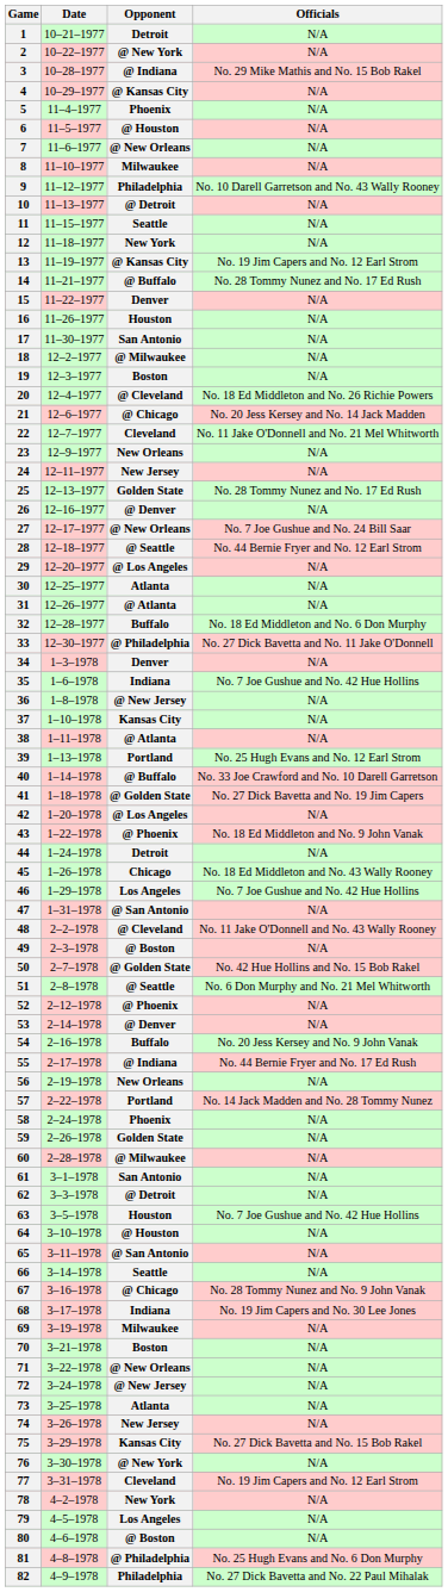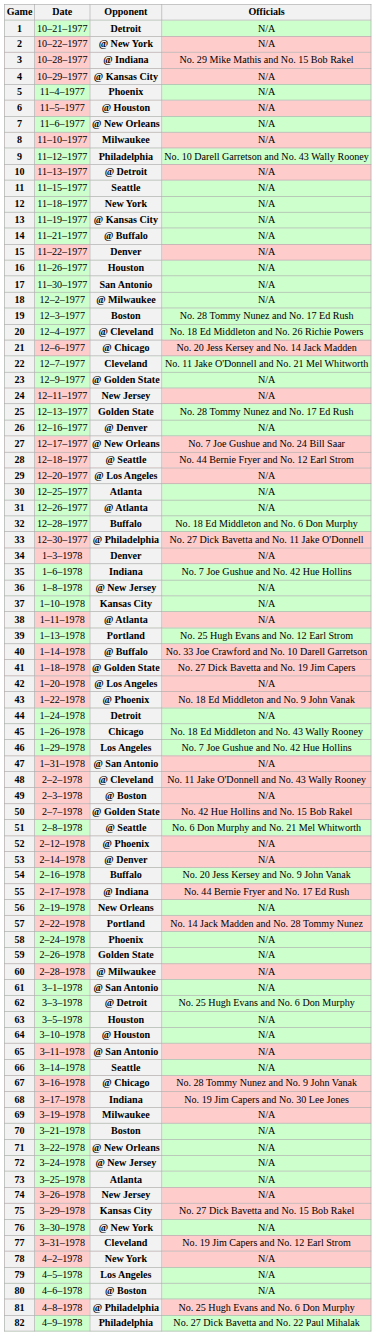 <table class="wikitable">
 <tr>
 <th>Game</th>
 <th>Date</th>
 <th>Opponent</th>
 <th>Officials</th>
 </tr>
 <tr align="center" bgcolor="#ccffcc">
 <th>1</th>
 <td>10–21–1977</td>
 <th>Detroit</th>
 <td>N/A</td>
 </tr>
 <tr align="center" bgcolor="#ffcccc">
 <th>2</th>
 <td>10–22–1977</td>
 <th>@ New York</th>
 <td>N/A</td>
 </tr>
 <tr align="center" bgcolor="#ffcccc">
 <th>3</th>
 <td>10–28–1977</td>
 <th>@ Indiana</th>
 <td>No. 29 Mike Mathis and No. 15 Bob Rakel</td>
 </tr>
 <tr align="center" bgcolor="#ffcccc">
 <th>4</th>
 <td>10–29–1977</td>
 <th>@ Kansas City</th>
 <td>N/A</td>
 </tr>
 <tr align="center" bgcolor="#ccffcc">
 <th>5</th>
 <td>11–4–1977</td>
 <th>Phoenix</th>
 <td>N/A</td>
 </tr>
 <tr align="center" bgcolor="#ffcccc">
 <th>6</th>
 <td>11–5–1977</td>
 <th>@ Houston</th>
 <td>N/A</td>
 </tr>
 <tr align="center" bgcolor="#ccffcc">
 <th>7</th>
 <td>11–6–1977</td>
 <th>@ New Orleans</th>
 <td>N/A</td>
 </tr>
 <tr align="center" bgcolor="#ffcccc">
 <th>8</th>
 <td>11–10–1977</td>
 <th>Milwaukee</th>
 <td>N/A</td>
 </tr>
 <tr align="center" bgcolor="#ccffcc">
 <th>9</th>
 <td>11–12–1977</td>
 <th>Philadelphia</th>
 <td>No. 10 Darell Garretson and No. 43 Wally Rooney</td>
 </tr>
 <tr align="center" bgcolor="#ffcccc">
 <th>10</th>
 <td>11–13–1977</td>
 <th>@ Detroit</th>
 <td>N/A</td>
 </tr>
 <tr align="center" bgcolor="#ccffcc">
 <th>11</th>
 <td>11–15–1977</td>
 <th>Seattle</th>
 <td>N/A</td>
 </tr>
 <tr align="center" bgcolor="#ccffcc">
 <th>12</th>
 <td>11–18–1977</td>
 <th>New York</th>
 <td>N/A</td>
 </tr>
 <tr align="center" bgcolor="#ccffcc">
 <th>13</th>
 <td>11–19–1977</td>
 <th>@ Kansas City</th>
-<td>No. 19 Jim Capers and No. 12 Earl Strom</td>
+<td>N/A</td>
 </tr>
 <tr align="center" bgcolor="#ccffcc">
 <th>14</th>
 <td>11–21–1977</td>
 <th>@ Buffalo</th>
-<td>No. 28 Tommy Nunez and No. 17 Ed Rush</td>
+<td>N/A</td>
 </tr>
 <tr align="center" bgcolor="#ffcccc">
 <th>15</th>
 <td>11–22–1977</td>
 <th>Denver</th>
 <td>N/A</td>
 </tr>
 <tr align="center" bgcolor="#ccffcc">
 <th>16</th>
 <td>11–26–1977</td>
 <th>Houston</th>
 <td>N/A</td>
 </tr>
 <tr align="center" bgcolor="#ccffcc">
 <th>17</th>
 <td>11–30–1977</td>
 <th>San Antonio</th>
 <td>N/A</td>
 </tr>
 <tr align="center" bgcolor="#ccffcc">
 <th>18</th>
 <td>12–2–1977</td>
 <th>@ Milwaukee</th>
 <td>N/A</td>
 </tr>
 <tr align="center" bgcolor="#ccffcc">
 <th>19</th>
 <td>12–3–1977</td>
 <th>Boston</th>
-<td>N/A</td>
+<td>No. 28 Tommy Nunez and No. 17 Ed Rush</td>
 </tr>
 <tr align="center" bgcolor="#ccffcc">
 <th>20</th>
 <td>12–4–1977</td>
 <th>@ Cleveland</th>
 <td>No. 18 Ed Middleton and No. 26 Richie Powers</td>
 </tr>
 <tr align="center" bgcolor="#ffcccc">
 <th>21</th>
 <td>12–6–1977</td>
 <th>@ Chicago</th>
 <td>No. 20 Jess Kersey and No. 14 Jack Madden</td>
 </tr>
 <tr align="center" bgcolor="#ccffcc">
 <th>22</th>
 <td>12–7–1977</td>
 <th>Cleveland</th>
 <td>No. 11 Jake O'Donnell and No. 21 Mel Whitworth</td>
 </tr>
 <tr align="center" bgcolor="#ccffcc">
 <th>23</th>
 <td>12–9–1977</td>
-<th>New Orleans</th>
+<th>@ Golden State</th>
 <td>N/A</td>
 </tr>
 <tr align="center" bgcolor="#ffcccc">
 <th>24</th>
 <td>12–11–1977</td>
 <th>New Jersey</th>
 <td>N/A</td>
 </tr>
 <tr align="center" bgcolor="#ccffcc">
 <th>25</th>
 <td>12–13–1977</td>
 <th>Golden State</th>
 <td>No. 28 Tommy Nunez and No. 17 Ed Rush</td>
 </tr>
 <tr align="center" bgcolor="#ccffcc">
 <th>26</th>
 <td>12–16–1977</td>
 <th>@ Denver</th>
 <td>N/A</td>
 </tr>
 <tr align="center" bgcolor="#ffcccc">
 <th>27</th>
 <td>12–17–1977</td>
 <th>@ New Orleans</th>
 <td>No. 7 Joe Gushue and No. 24 Bill Saar</td>
 </tr>
 <tr align="center" bgcolor="#ffcccc">
 <th>28</th>
 <td>12–18–1977</td>
 <th>@ Seattle</th>
 <td>No. 44 Bernie Fryer and No. 12 Earl Strom</td>
 </tr>
 <tr align="center" bgcolor="#ffcccc">
 <th>29</th>
 <td>12–20–1977</td>
 <th>@ Los Angeles</th>
 <td>N/A</td>
 </tr>
 <tr align="center" bgcolor="#ccffcc">
 <th>30</th>
 <td>12–25–1977</td>
 <th>Atlanta</th>
 <td>N/A</td>
 </tr>
 <tr align="center" bgcolor="#ccffcc">
 <th>31</th>
 <td>12–26–1977</td>
 <th>@ Atlanta</th>
 <td>N/A</td>
 </tr>
 <tr align="center" bgcolor="#ccffcc">
 <th>32</th>
 <td>12–28–1977</td>
 <th>Buffalo</th>
 <td>No. 18 Ed Middleton and No. 6 Don Murphy</td>
 </tr>
 <tr align="center" bgcolor="#ffcccc">
 <th>33</th>
 <td>12–30–1977</td>
 <th>@ Philadelphia</th>
 <td>No. 27 Dick Bavetta and No. 11 Jake O'Donnell</td>
 </tr>
 <tr align="center" bgcolor="#ffcccc">
 <th>34</th>
 <td>1–3–1978</td>
 <th>Denver</th>
 <td>N/A</td>
 </tr>
 <tr align="center" bgcolor="#ccffcc">
 <th>35</th>
 <td>1–6–1978</td>
 <th>Indiana</th>
 <td>No. 7 Joe Gushue and No. 42 Hue Hollins</td>
 </tr>
 <tr align="center" bgcolor="#ccffcc">
 <th>36</th>
 <td>1–8–1978</td>
 <th>@ New Jersey</th>
 <td>N/A</td>
 </tr>
 <tr align="center" bgcolor="#ccffcc">
 <th>37</th>
 <td>1–10–1978</td>
 <th>Kansas City</th>
 <td>N/A</td>
 </tr>
 <tr align="center" bgcolor="#ffcccc">
 <th>38</th>
 <td>1–11–1978</td>
 <th>@ Atlanta</th>
 <td>N/A</td>
 </tr>
 <tr align="center" bgcolor="#ccffcc">
 <th>39</th>
 <td>1–13–1978</td>
 <th>Portland</th>
 <td>No. 25 Hugh Evans and No. 12 Earl Strom</td>
 </tr>
 <tr align="center" bgcolor="#ffcccc">
 <th>40</th>
 <td>1–14–1978</td>
 <th>@ Buffalo</th>
 <td>No. 33 Joe Crawford and No. 10 Darell Garretson</td>
 </tr>
 <tr align="center" bgcolor="#ffcccc">
 <th>41</th>
 <td>1–18–1978</td>
 <th>@ Golden State</th>
 <td>No. 27 Dick Bavetta and No. 19 Jim Capers</td>
 </tr>
 <tr align="center" bgcolor="#ffcccc">
 <th>42</th>
 <td>1–20–1978</td>
 <th>@ Los Angeles</th>
 <td>N/A</td>
 </tr>
 <tr align="center" bgcolor="#ffcccc">
 <th>43</th>
 <td>1–22–1978</td>
 <th>@ Phoenix</th>
 <td>No. 18 Ed Middleton and No. 9 John Vanak</td>
 </tr>
 <tr align="center" bgcolor="#ccffcc">
 <th>44</th>
 <td>1–24–1978</td>
 <th>Detroit</th>
 <td>N/A</td>
 </tr>
 <tr align="center" bgcolor="#ccffcc">
 <th>45</th>
 <td>1–26–1978</td>
 <th>Chicago</th>
 <td>No. 18 Ed Middleton and No. 43 Wally Rooney</td>
 </tr>
 <tr align="center" bgcolor="#ccffcc">
 <th>46</th>
 <td>1–29–1978</td>
 <th>Los Angeles</th>
 <td>No. 7 Joe Gushue and No. 42 Hue Hollins</td>
 </tr>
 <tr align="center" bgcolor="#ffcccc">
 <th>47</th>
 <td>1–31–1978</td>
 <th>@ San Antonio</th>
 <td>N/A</td>
 </tr>
 <tr align="center" bgcolor="#ffcccc">
 <th>48</th>
 <td>2–2–1978</td>
 <th>@ Cleveland</th>
 <td>No. 11 Jake O'Donnell and No. 43 Wally Rooney</td>
 </tr>
 <tr align="center" bgcolor="#ffcccc">
 <th>49</th>
 <td>2–3–1978</td>
 <th>@ Boston</th>
 <td>N/A</td>
 </tr>
 <tr align="center" bgcolor="#ffcccc">
 <th>50</th>
 <td>2–7–1978</td>
 <th>@ Golden State</th>
 <td>No. 42 Hue Hollins and No. 15 Bob Rakel</td>
 </tr>
 <tr align="center" bgcolor="#ccffcc">
 <th>51</th>
 <td>2–8–1978</td>
 <th>@ Seattle</th>
 <td>No. 6 Don Murphy and No. 21 Mel Whitworth</td>
 </tr>
 <tr align="center" bgcolor="#ffcccc">
 <th>52</th>
 <td>2–12–1978</td>
 <th>@ Phoenix</th>
 <td>N/A</td>
 </tr>
 <tr align="center" bgcolor="#ffcccc">
 <th>53</th>
 <td>2–14–1978</td>
 <th>@ Denver</th>
 <td>N/A</td>
 </tr>
 <tr align="center" bgcolor="#ccffcc">
 <th>54</th>
 <td>2–16–1978</td>
 <th>Buffalo</th>
 <td>No. 20 Jess Kersey and No. 9 John Vanak</td>
 </tr>
 <tr align="center" bgcolor="#ffcccc">
 <th>55</th>
 <td>2–17–1978</td>
 <th>@ Indiana</th>
 <td>No. 44 Bernie Fryer and No. 17 Ed Rush</td>
 </tr>
 <tr align="center" bgcolor="#ccffcc">
 <th>56</th>
 <td>2–19–1978</td>
 <th>New Orleans</th>
 <td>N/A</td>
 </tr>
 <tr align="center" bgcolor="#ffcccc">
 <th>57</th>
 <td>2–22–1978</td>
 <th>Portland</th>
 <td>No. 14 Jack Madden and No. 28 Tommy Nunez</td>
 </tr>
 <tr align="center" bgcolor="#ccffcc">
 <th>58</th>
 <td>2–24–1978</td>
 <th>Phoenix</th>
 <td>N/A</td>
 </tr>
 <tr align="center" bgcolor="#ccffcc">
 <th>59</th>
 <td>2–26–1978</td>
 <th>Golden State</th>
 <td>N/A</td>
 </tr>
 <tr align="center" bgcolor="#ffcccc">
 <th>60</th>
 <td>2–28–1978</td>
 <th>@ Milwaukee</th>
 <td>N/A</td>
 </tr>
 <tr align="center" bgcolor="#ccffcc">
 <th>61</th>
 <td>3–1–1978</td>
-<th>San Antonio</th>
+<th>@ San Antonio</th>
 <td>N/A</td>
 </tr>
 <tr align="center" bgcolor="#ccffcc">
 <th>62</th>
 <td>3–3–1978</td>
 <th>@ Detroit</th>
-<td>N/A</td>
+<td>No. 25 Hugh Evans and No. 6 Don Murphy</td>
 </tr>
 <tr align="center" bgcolor="#ccffcc">
 <th>63</th>
 <td>3–5–1978</td>
 <th>Houston</th>
-<td>No. 7 Joe Gushue and No. 42 Hue Hollins</td>
+<td>N/A</td>
 </tr>
 <tr align="center" bgcolor="#ccffcc">
 <th>64</th>
 <td>3–10–1978</td>
 <th>@ Houston</th>
 <td>N/A</td>
 </tr>
 <tr align="center" bgcolor="#ffcccc">
 <th>65</th>
 <td>3–11–1978</td>
 <th>@ San Antonio</th>
 <td>N/A</td>
 </tr>
 <tr align="center" bgcolor="#ccffcc">
 <th>66</th>
 <td>3–14–1978</td>
 <th>Seattle</th>
 <td>N/A</td>
 </tr>
 <tr align="center" bgcolor="#ffcccc">
 <th>67</th>
 <td>3–16–1978</td>
 <th>@ Chicago</th>
 <td>No. 28 Tommy Nunez and No. 9 John Vanak</td>
 </tr>
 <tr align="center" bgcolor="#ffcccc">
 <th>68</th>
 <td>3–17–1978</td>
 <th>Indiana</th>
 <td>No. 19 Jim Capers and No. 30 Lee Jones</td>
 </tr>
 <tr align="center" bgcolor="#ffcccc">
 <th>69</th>
 <td>3–19–1978</td>
 <th>Milwaukee</th>
 <td>N/A</td>
 </tr>
 <tr align="center" bgcolor="#ccffcc">
 <th>70</th>
 <td>3–21–1978</td>
 <th>Boston</th>
 <td>N/A</td>
 </tr>
 <tr align="center" bgcolor="#ccffcc">
 <th>71</th>
 <td>3–22–1978</td>
 <th>@ New Orleans</th>
 <td>N/A</td>
 </tr>
 <tr align="center" bgcolor="#ccffcc">
 <th>72</th>
 <td>3–24–1978</td>
 <th>@ New Jersey</th>
 <td>N/A</td>
 </tr>
 <tr align="center" bgcolor="#ccffcc">
 <th>73</th>
 <td>3–25–1978</td>
 <th>Atlanta</th>
 <td>N/A</td>
 </tr>
 <tr align="center" bgcolor="#ffcccc">
 <th>74</th>
 <td>3–26–1978</td>
 <th>New Jersey</th>
 <td>N/A</td>
 </tr>
 <tr align="center" bgcolor="#ffcccc">
 <th>75</th>
 <td>3–29–1978</td>
 <th>Kansas City</th>
 <td>No. 27 Dick Bavetta and No. 15 Bob Rakel</td>
 </tr>
 <tr align="center" bgcolor="#ccffcc">
 <th>76</th>
 <td>3–30–1978</td>
 <th>@ New York</th>
 <td>N/A</td>
 </tr>
 <tr align="center" bgcolor="#ffcccc">
 <th>77</th>
 <td>3–31–1978</td>
 <th>Cleveland</th>
 <td>No. 19 Jim Capers and No. 12 Earl Strom</td>
 </tr>
 <tr align="center" bgcolor="#ffcccc">
 <th>78</th>
 <td>4–2–1978</td>
 <th>New York</th>
 <td>N/A</td>
 </tr>
 <tr align="center" bgcolor="#ccffcc">
 <th>79</th>
 <td>4–5–1978</td>
 <th>Los Angeles</th>
 <td>N/A</td>
 </tr>
 <tr align="center" bgcolor="#ccffcc">
 <th>80</th>
 <td>4–6–1978</td>
 <th>@ Boston</th>
 <td>N/A</td>
 </tr>
 <tr align="center" bgcolor="#ffcccc">
 <th>81</th>
 <td>4–8–1978</td>
 <th>@ Philadelphia</th>
 <td>No. 25 Hugh Evans and No. 6 Don Murphy</td>
 </tr>
 <tr align="center" bgcolor="#ccffcc">
 <th>82</th>
 <td>4–9–1978</td>
 <th>Philadelphia</th>
 <td>No. 27 Dick Bavetta and No. 22 Paul Mihalak</td>
 </tr>
 </table>
